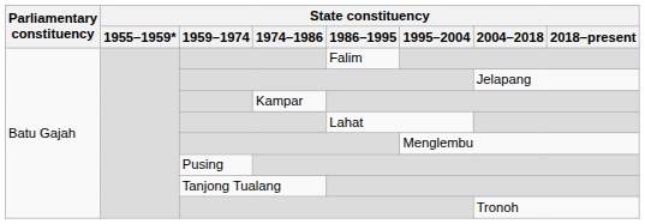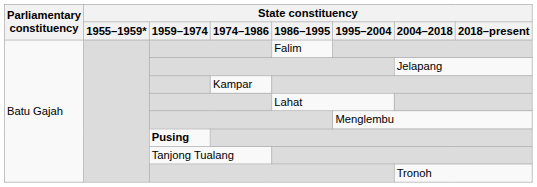 <table class="wikitable">
 <tr>
 <th rowspan="2">Parliamentary<br>constituency</th>
 <th colspan="7">State constituency</th>
 </tr>
 <tr>
 <th>1955–1959*</th>
 <th>1959–1974</th>
 <th>1974–1986</th>
 <th>1986–1995</th>
 <th>1995–2004</th>
 <th>2004–2018</th>
 <th>2018–present</th>
 </tr>
 <tr>
 <td rowspan="8">Batu Gajah</td>
 <td rowspan="8" bgcolor="dcdcdc"></td>
 <td colspan="2" bgcolor="dcdcdc"></td>
 <td>Falim</td>
 <td colspan="3" bgcolor="dcdcdc"></td>
 </tr>
 <tr>
 <td colspan="4" bgcolor="dcdcdc"></td>
 <td colspan="2">Jelapang</td>
 </tr>
 <tr>
 <td bgcolor="dcdcdc"></td>
 <td>Kampar</td>
 <td colspan="4" bgcolor="dcdcdc"></td>
 </tr>
 <tr>
 <td colspan="2" bgcolor="dcdcdc"></td>
 <td colspan="2">Lahat</td>
 <td colspan="2" bgcolor="dcdcdc"></td>
 </tr>
 <tr>
 <td colspan="3" bgcolor="dcdcdc"></td>
 <td colspan="3">Menglembu</td>
 </tr>
 <tr>
-<td>Pusing</td>
+<td><strong>Pusing</strong></td>
 <td colspan="5" bgcolor="dcdcdc"></td>
 </tr>
 <tr>
 <td colspan="2">Tanjong Tualang</td>
 <td colspan="4" bgcolor="dcdcdc"></td>
 </tr>
 <tr>
 <td colspan="4" bgcolor="dcdcdc"></td>
 <td colspan="2">Tronoh</td>
 </tr>
 </table>
